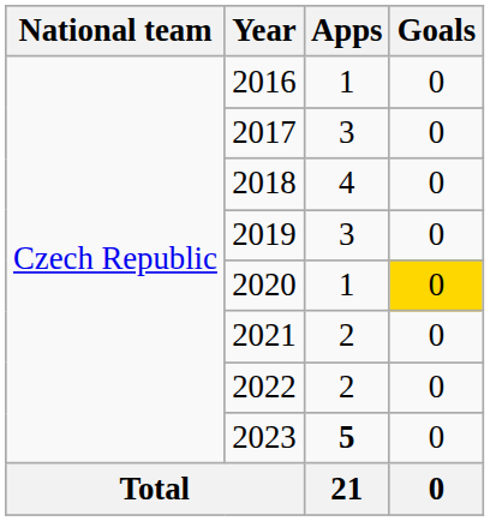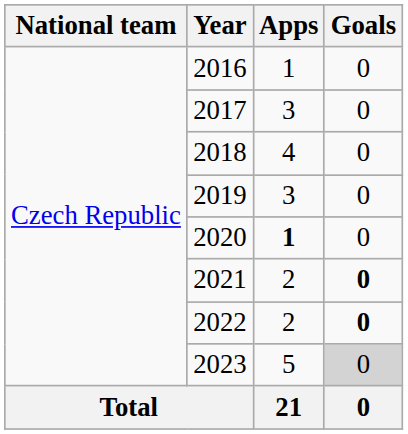 <table class="wikitable" style="text-align:center">
 <tr>
 <th>National team</th>
 <th>Year</th>
 <th>Apps</th>
 <th>Goals</th>
 </tr>
 <tr>
 <td rowspan="8"><a href='#'>Czech Republic</a></td>
 <td>2016</td>
 <td>1</td>
 <td>0</td>
 </tr>
 <tr>
 <td>2017</td>
 <td>3</td>
 <td>0</td>
 </tr>
 <tr>
 <td>2018</td>
 <td>4</td>
 <td>0</td>
 </tr>
 <tr>
 <td>2019</td>
 <td>3</td>
 <td>0</td>
 </tr>
 <tr>
 <td>2020</td>
-<td>1</td>
-<td style="background: gold;">0</td>
+<td><strong>1</strong></td>
+<td>0</td>
 </tr>
 <tr>
 <td>2021</td>
 <td>2</td>
-<td>0</td>
+<td><strong>0</strong></td>
 </tr>
 <tr>
 <td>2022</td>
 <td>2</td>
-<td>0</td>
+<td><strong>0</strong></td>
 </tr>
 <tr>
 <td>2023</td>
-<td><strong>5</strong></td>
-<td>0</td>
+<td>5</td>
+<td style="background: lightgrey;">0</td>
 </tr>
 <tr>
 <th colspan="2">Total</th>
 <th>21</th>
 <th>0</th>
 </tr>
 </table>
